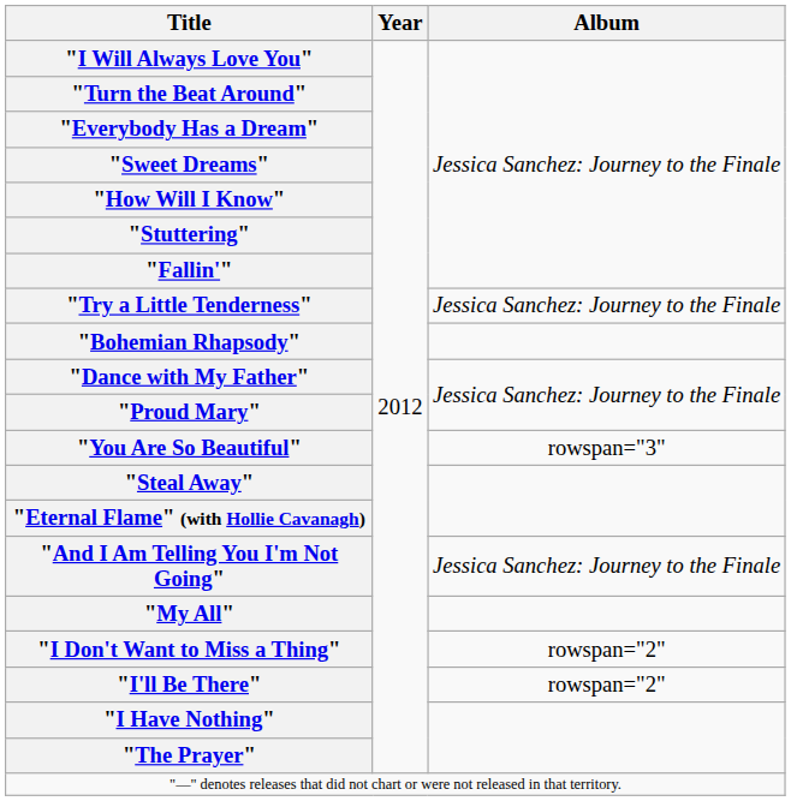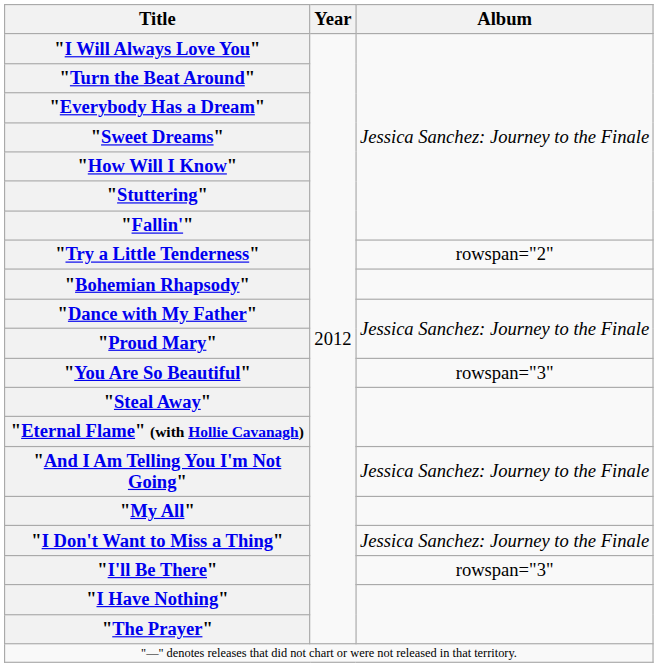 <table class="wikitable plainrowheaders" style="text-align:center;" border="1">
 <tr>
 <th scope="col" rowspan="1" style="width:16em;">Title</th>
 <th scope="col" rowspan="1">Year</th>
 <th scope="col" rowspan="1">Album</th>
 </tr>
 <tr>
 <th scope="row">"<a href='#'>I Will Always Love You</a>"</th>
 <td rowspan="20">2012</td>
 <td rowspan="7"><em>Jessica Sanchez: Journey to the Finale</em></td>
 </tr>
 <tr>
 <th scope="row">"<a href='#'>Turn the Beat Around</a>"</th>
 </tr>
 <tr>
 <th scope="row">"<a href='#'>Everybody Has a Dream</a>"</th>
 </tr>
 <tr>
 <th scope="row">"<a href='#'>Sweet Dreams</a>"</th>
 </tr>
 <tr>
 <th scope="row">"<a href='#'>How Will I Know</a>"</th>
 </tr>
 <tr>
 <th scope="row">"<a href='#'>Stuttering</a>"</th>
 </tr>
 <tr>
 <th scope="row">"<a href='#'>Fallin'</a>"</th>
 </tr>
 <tr>
 <th scope="row">"<a href='#'>Try a Little Tenderness</a>"</th>
-<td><em>Jessica Sanchez: Journey to the Finale</em></td>
+<td>rowspan="2" </td>
 </tr>
 <tr>
 <th scope="row">"<a href='#'>Bohemian Rhapsody</a>"</th>
 </tr>
 <tr>
 <th scope="row">"<a href='#'>Dance with My Father</a>"</th>
 <td rowspan="2"><em>Jessica Sanchez: Journey to the Finale</em></td>
 </tr>
 <tr>
 <th scope="row">"<a href='#'>Proud Mary</a>"</th>
 </tr>
 <tr>
 <th scope="row">"<a href='#'>You Are So Beautiful</a>"</th>
 <td>rowspan="3" </td>
 </tr>
 <tr>
 <th scope="row">"<a href='#'>Steal Away</a>"</th>
 </tr>
 <tr>
 <th scope="row">"<a href='#'>Eternal Flame</a>" <small>(with <a href='#'>Hollie Cavanagh</a>)</small></th>
 </tr>
 <tr>
 <th scope="row">"<a href='#'>And I Am Telling You I'm Not Going</a>"</th>
 <td><em>Jessica Sanchez: Journey to the Finale</em></td>
 </tr>
 <tr>
 <th scope="row">"<a href='#'>My All</a>"</th>
 <td></td>
 </tr>
 <tr>
 <th scope="row">"<a href='#'>I Don't Want to Miss a Thing</a>"</th>
-<td>rowspan="2" </td>
+<td><em>Jessica Sanchez: Journey to the Finale</em></td>
 </tr>
 <tr>
 <th scope="row">"<a href='#'>I'll Be There</a>"</th>
-<td>rowspan="2" </td>
+<td>rowspan="3" </td>
 </tr>
 <tr>
 <th scope="row">"<a href='#'>I Have Nothing</a>"</th>
 </tr>
 <tr>
 <th scope="row">"<a href='#'>The Prayer</a>"</th>
 </tr>
 <tr>
 <td align="center" colspan="14" style="font-size:8pt">"—" denotes releases that did not chart or were not released in that territory.</td>
 </tr>
 </table>
